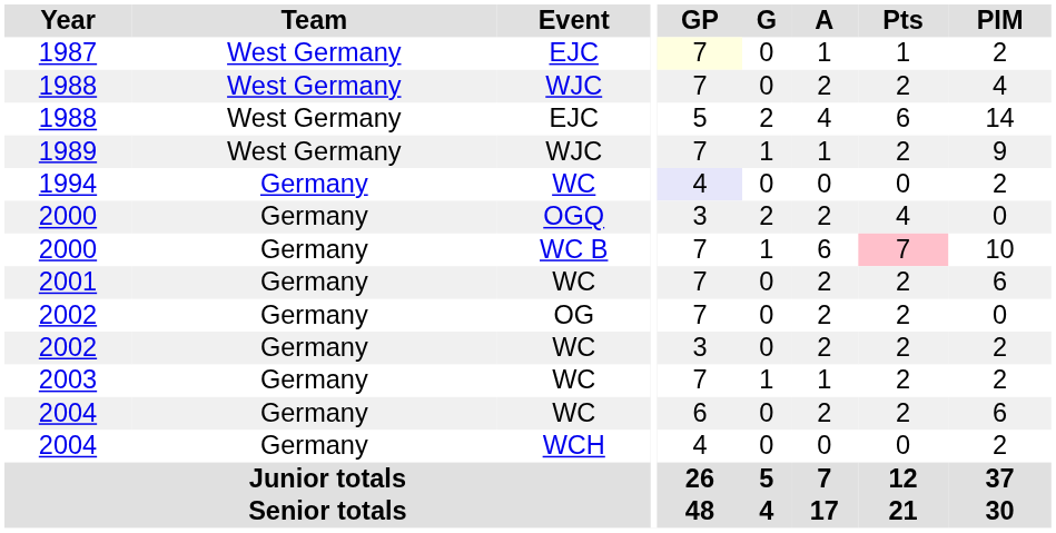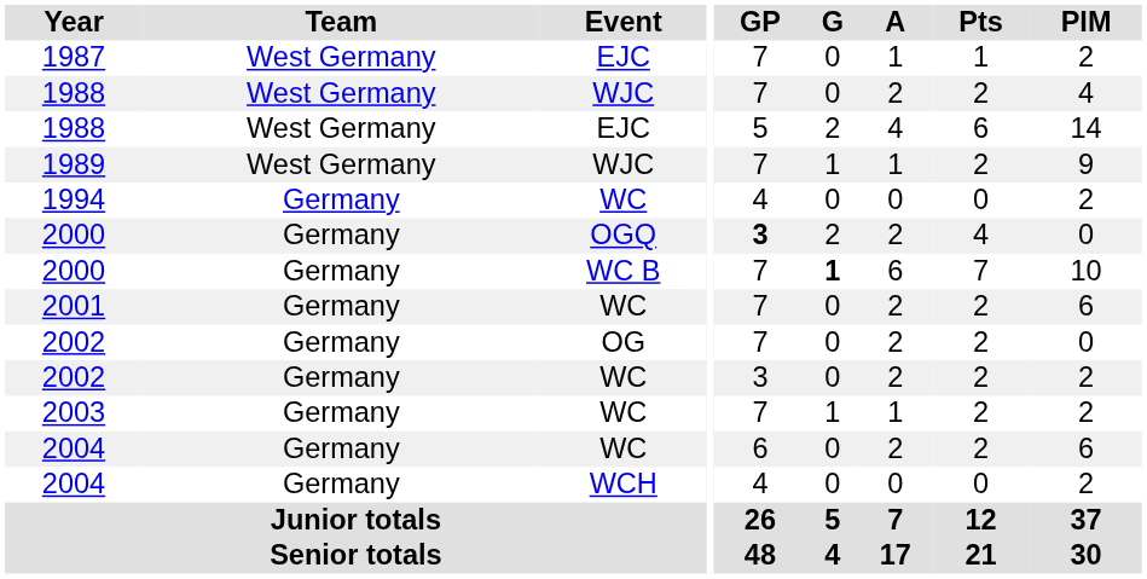 <table border="0" cellpadding="1" cellspacing="0" ID="Table3" style="text-align:center; width:40em">
 <tr ALIGN="center" bgcolor="#e0e0e0">
 <th>Year</th>
 <th>Team</th>
 <th>Event</th>
 <th rowspan="99" bgcolor="#ffffff"></th>
 <th>GP</th>
 <th>G</th>
 <th>A</th>
 <th>Pts</th>
 <th>PIM</th>
 </tr>
 <tr>
 <td><a href='#'>1987</a></td>
 <td><a href='#'>West Germany</a></td>
 <td><a href='#'>EJC</a></td>
-<td style="background: lightyellow;">7</td>
+<td>7</td>
 <td>0</td>
 <td>1</td>
 <td>1</td>
 <td>2</td>
 </tr>
 <tr bgcolor="#f0f0f0">
 <td><a href='#'>1988</a></td>
 <td><a href='#'>West Germany</a></td>
 <td><a href='#'>WJC</a></td>
 <td>7</td>
 <td>0</td>
 <td>2</td>
 <td>2</td>
 <td>4</td>
 </tr>
 <tr>
 <td><a href='#'>1988</a></td>
 <td>West Germany</td>
 <td>EJC</td>
 <td>5</td>
 <td>2</td>
 <td>4</td>
 <td>6</td>
 <td>14</td>
 </tr>
 <tr bgcolor="#f0f0f0">
 <td><a href='#'>1989</a></td>
 <td>West Germany</td>
 <td>WJC</td>
 <td>7</td>
 <td>1</td>
 <td>1</td>
 <td>2</td>
 <td>9</td>
 </tr>
 <tr>
 <td><a href='#'>1994</a></td>
 <td><a href='#'>Germany</a></td>
 <td><a href='#'>WC</a></td>
-<td style="background: lavender;">4</td>
+<td>4</td>
 <td>0</td>
 <td>0</td>
 <td>0</td>
 <td>2</td>
 </tr>
 <tr bgcolor="#f0f0f0">
 <td><a href='#'>2000</a></td>
 <td>Germany</td>
 <td><a href='#'>OGQ</a></td>
-<td>3</td>
+<td><strong>3</strong></td>
 <td>2</td>
 <td>2</td>
 <td>4</td>
 <td>0</td>
 </tr>
 <tr>
 <td><a href='#'>2000</a></td>
 <td>Germany</td>
 <td><a href='#'>WC B</a></td>
 <td>7</td>
-<td>1</td>
+<td><strong>1</strong></td>
 <td>6</td>
-<td style="background: pink;">7</td>
+<td>7</td>
 <td>10</td>
 </tr>
 <tr bgcolor="#f0f0f0">
 <td><a href='#'>2001</a></td>
 <td>Germany</td>
 <td>WC</td>
 <td>7</td>
 <td>0</td>
 <td>2</td>
 <td>2</td>
 <td>6</td>
 </tr>
 <tr>
 <td><a href='#'>2002</a></td>
 <td>Germany</td>
 <td>OG</td>
 <td>7</td>
 <td>0</td>
 <td>2</td>
 <td>2</td>
 <td>0</td>
 </tr>
 <tr bgcolor="#f0f0f0">
 <td><a href='#'>2002</a></td>
 <td>Germany</td>
 <td>WC</td>
 <td>3</td>
 <td>0</td>
 <td>2</td>
 <td>2</td>
 <td>2</td>
 </tr>
 <tr>
 <td><a href='#'>2003</a></td>
 <td>Germany</td>
 <td>WC</td>
 <td>7</td>
 <td>1</td>
 <td>1</td>
 <td>2</td>
 <td>2</td>
 </tr>
 <tr bgcolor="#f0f0f0">
 <td><a href='#'>2004</a></td>
 <td>Germany</td>
 <td>WC</td>
 <td>6</td>
 <td>0</td>
 <td>2</td>
 <td>2</td>
 <td>6</td>
 </tr>
 <tr>
 <td><a href='#'>2004</a></td>
 <td>Germany</td>
 <td><a href='#'>WCH</a></td>
 <td>4</td>
 <td>0</td>
 <td>0</td>
 <td>0</td>
 <td>2</td>
 </tr>
 <tr bgcolor="#e0e0e0">
 <th colspan="3">Junior totals</th>
 <th>26</th>
 <th>5</th>
 <th>7</th>
 <th>12</th>
 <th>37</th>
 </tr>
 <tr bgcolor="#e0e0e0">
 <th colspan="3">Senior totals</th>
 <th>48</th>
 <th>4</th>
 <th>17</th>
 <th>21</th>
 <th>30</th>
 </tr>
 </table>
